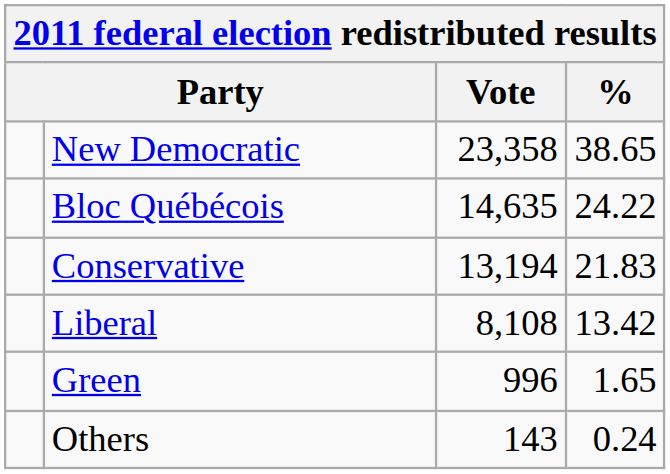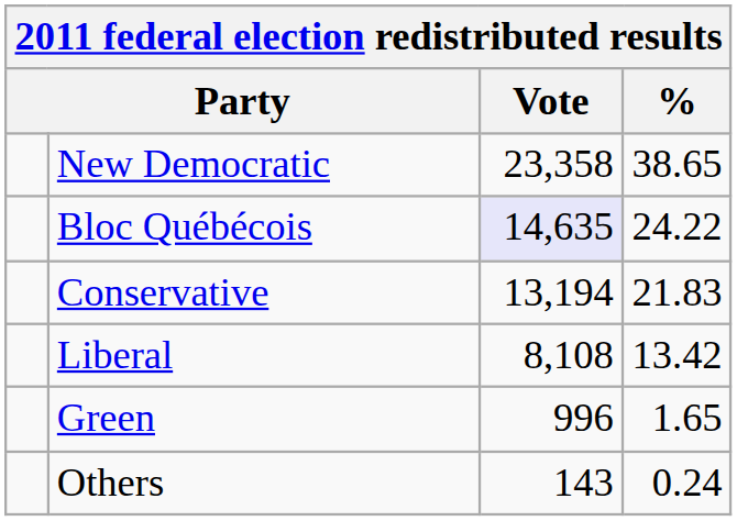 <table class="wikitable">
 <tr>
 <th colspan="4"><a href='#'>2011 federal election</a> redistributed results</th>
 </tr>
 <tr>
 <th bgcolor="#DDDDFF" width="130px" colspan="2">Party</th>
 <th bgcolor="#DDDDFF" width="50px">Vote</th>
 <th bgcolor="#DDDDFF" width="30px">%</th>
 </tr>
 <tr>
 <td> </td>
 <td><a href='#'>New Democratic</a></td>
 <td align=right>23,358</td>
 <td align=right>38.65</td>
 </tr>
 <tr>
 <td> </td>
 <td><a href='#'>Bloc Québécois</a></td>
-<td align=right>14,635</td>
+<td align=right style="background: lavender;">14,635</td>
 <td align=right>24.22</td>
 </tr>
 <tr>
 <td> </td>
 <td><a href='#'>Conservative</a></td>
 <td align=right>13,194</td>
 <td align=right>21.83</td>
 </tr>
 <tr>
 <td> </td>
 <td><a href='#'>Liberal</a></td>
 <td align=right>8,108</td>
 <td align=right>13.42</td>
 </tr>
 <tr>
 <td> </td>
 <td><a href='#'>Green</a></td>
 <td align=right>996</td>
 <td align=right>1.65</td>
 </tr>
 <tr>
 <td> </td>
 <td>Others</td>
 <td align=right>143</td>
 <td align=right>0.24</td>
 </tr>
 </table>
